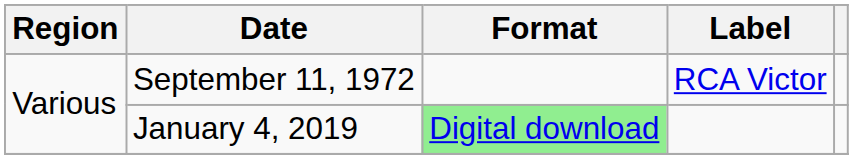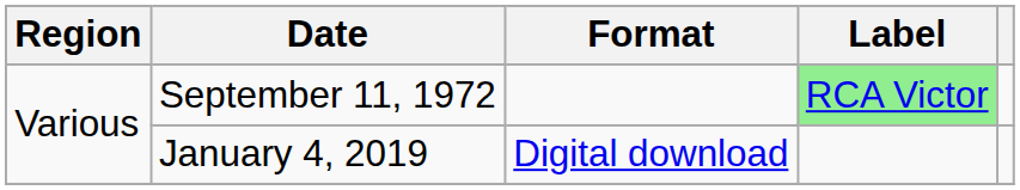 <table class="wikitable plainrowheaders">
 <tr>
 <th scope="col">Region</th>
 <th scope="col">Date</th>
 <th scope="col">Format</th>
 <th scope="col">Label</th>
 <th scope="col"></th>
 </tr>
 <tr>
 <td rowspan = "2">Various</td>
 <td>September 11, 1972</td>
 <td></td>
-<td><a href='#'>RCA Victor</a></td>
+<td style="background: lightgreen;"><a href='#'>RCA Victor</a></td>
 <td></td>
 </tr>
 <tr>
 <td>January 4, 2019</td>
-<td style="background: lightgreen;"><a href='#'>Digital download</a></td>
+<td><a href='#'>Digital download</a></td>
 <td></td>
 <td></td>
 </tr>
 <tr>
 </tr>
 </table>
